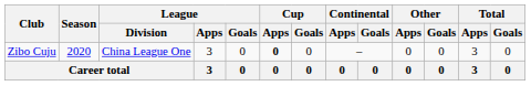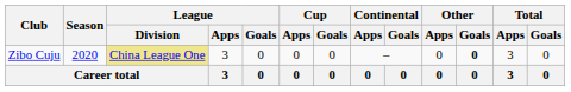 <table class="wikitable" style="text-align: center">
 <tr>
 <th rowspan="2">Club</th>
 <th rowspan="2">Season</th>
 <th colspan="3">League</th>
 <th colspan="2">Cup</th>
 <th colspan="2">Continental</th>
 <th colspan="2">Other</th>
 <th colspan="2">Total</th>
 </tr>
 <tr>
 <th>Division</th>
 <th>Apps</th>
 <th>Goals</th>
 <th>Apps</th>
 <th>Goals</th>
 <th>Apps</th>
 <th>Goals</th>
 <th>Apps</th>
 <th>Goals</th>
 <th>Apps</th>
 <th>Goals</th>
 </tr>
 <tr>
 <td><a href='#'>Zibo Cuju</a></td>
 <td><a href='#'>2020</a></td>
-<td><a href='#'>China League One</a></td>
+<td style="background: khaki;"><a href='#'>China League One</a></td>
 <td>3</td>
 <td>0</td>
-<td><strong>0</strong></td>
+<td>0</td>
 <td>0</td>
 <td colspan="2">–</td>
 <td>0</td>
-<td>0</td>
+<td><strong>0</strong></td>
 <td>3</td>
 <td>0</td>
 </tr>
 <tr>
 <th colspan=3>Career total</th>
 <th>3</th>
 <th>0</th>
 <th>0</th>
 <th>0</th>
 <th>0</th>
 <th>0</th>
 <th>0</th>
 <th>0</th>
 <th>3</th>
 <th>0</th>
 </tr>
 </table>
